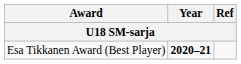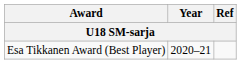 <table class="wikitable">
 <tr>
 <th>Award</th>
 <th>Year</th>
 <th>Ref</th>
 </tr>
 <tr bgcolor="#e0e0e0" align="center">
 <th colspan="3">U18 SM-sarja</th>
 </tr>
 <tr>
 <td>Esa Tikkanen Award (Best Player)</td>
-<td><strong>2020–21</strong></td>
+<td>2020–21</td>
 <td></td>
 </tr>
 </table>
